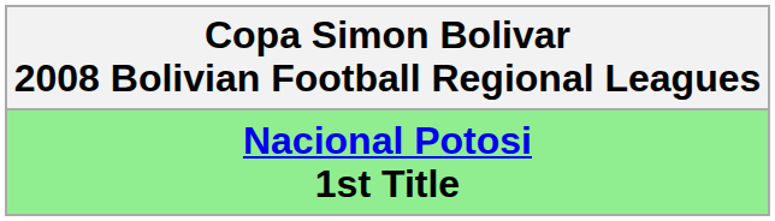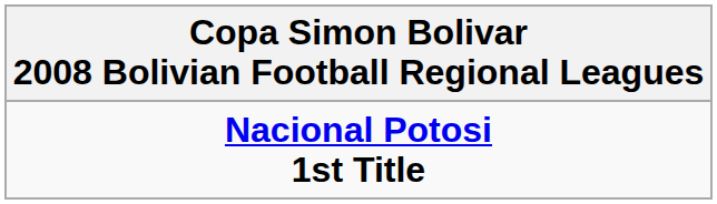 <table class="wikitable" style="text-align: center; margin: 0 auto;">
 <tr>
 <th>Copa Simon Bolivar <br>2008 Bolivian Football Regional Leagues</th>
 </tr>
 <tr>
-<td style="background: lightgreen;"><strong><a href='#'>Nacional Potosi</a></strong><br><strong>1st Title</strong></td>
+<td><strong><a href='#'>Nacional Potosi</a></strong><br><strong>1st Title</strong></td>
 </tr>
 </table>
